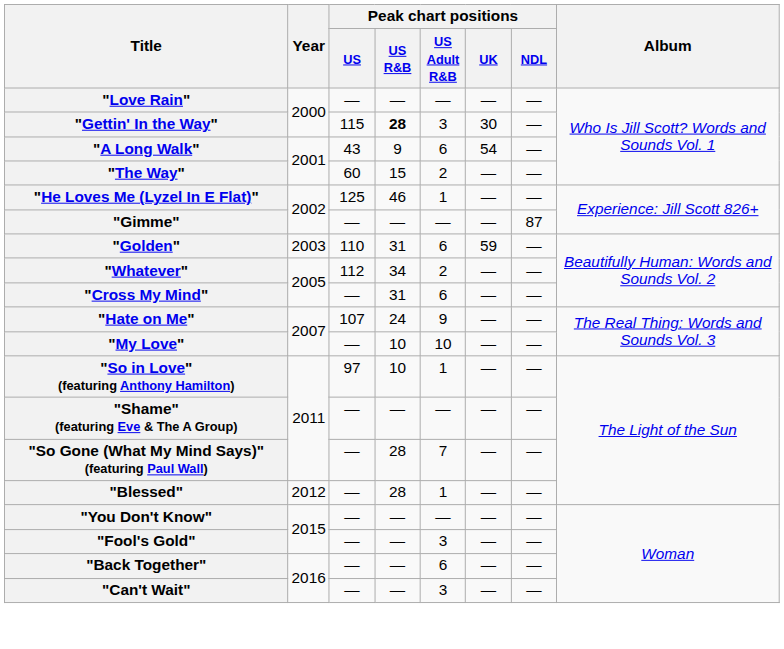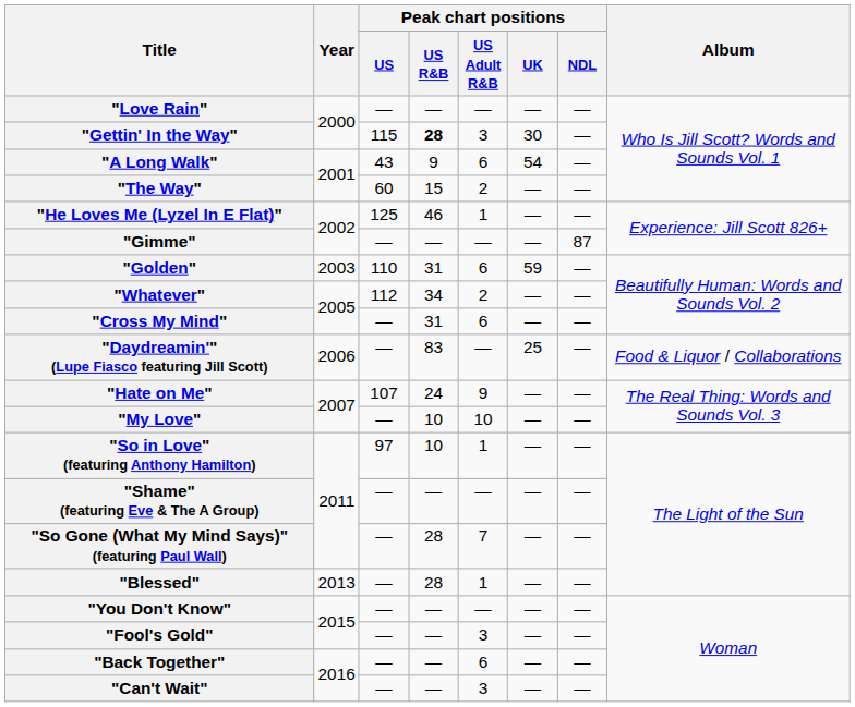 <table class="wikitable plainrowheaders" style="text-align:center;" border="1">
 <tr>
 <th scope="col" rowspan="2" style="width:18em;">Title</th>
 <th scope="col" rowspan="2">Year</th>
 <th scope="col" colspan="5">Peak chart positions</th>
 <th scope="col" rowspan="2" style="width:14em;">Album</th>
 </tr>
 <tr>
 <th width="40"><small><a href='#'>US</a></small><br></th>
 <th width="40"><small><a href='#'>US<br>R&B</a></small><br></th>
 <th width="40"><small><a href='#'>US<br>Adult R&B</a></small><br></th>
 <th width="40"><small><a href='#'>UK</a></small><br></th>
 <th width="40"><small><a href='#'>NDL</a></small></th>
 </tr>
 <tr>
 <th scope="row">"<a href='#'>Love Rain</a>"</th>
 <td rowspan="2" style="text-align:center;">2000</td>
 <td style="text-align:center; vertical-align:top;">—</td>
 <td style="text-align:center; vertical-align:top;">—</td>
 <td style="text-align:center; vertical-align:top;">—</td>
 <td style="text-align:center; vertical-align:top;">—</td>
 <td style="text-align:center; vertical-align:top;">—</td>
 <td style="text-align:center;" rowspan="4"><em><a href='#'>Who Is Jill Scott? Words and Sounds Vol. 1</a></em></td>
 </tr>
 <tr>
 <th scope="row">"<a href='#'>Gettin' In the Way</a>"</th>
 <td style="text-align:center; vertical-align:top;">115</td>
 <td style="text-align:center; vertical-align:top;"><strong>28</strong></td>
 <td style="text-align:center; vertical-align:top;">3</td>
 <td style="text-align:center; vertical-align:top;">30</td>
 <td style="text-align:center; vertical-align:top;">—</td>
 </tr>
 <tr>
 <th scope="row">"<a href='#'>A Long Walk</a>"</th>
 <td rowspan="2" style="text-align:center;">2001</td>
 <td style="text-align:center; vertical-align:top;">43</td>
 <td style="text-align:center; vertical-align:top;">9</td>
 <td style="text-align:center; ">6</td>
 <td style="text-align:center; vertical-align:top;">54</td>
 <td style="text-align:center; vertical-align:top;">—</td>
 </tr>
 <tr>
 <th scope="row">"<a href='#'>The Way</a>"</th>
 <td style="text-align:center; vertical-align:top;">60</td>
 <td style="text-align:center; vertical-align:top;">15</td>
 <td style="text-align:center; vertical-align:top;">2</td>
 <td style="text-align:center; vertical-align:top;">—</td>
 <td style="text-align:center; vertical-align:top;">—</td>
 </tr>
 <tr>
 <th scope="row">"<a href='#'>He Loves Me (Lyzel In E Flat)</a>"</th>
 <td rowspan="2" style="text-align:center;">2002</td>
 <td style="text-align:center; vertical-align:top;">125</td>
 <td style="text-align:center; vertical-align:top;">46</td>
 <td style="text-align:center; vertical-align:top;">1</td>
 <td style="text-align:center; vertical-align:top;">—</td>
 <td style="text-align:center; vertical-align:top;">—</td>
 <td style="text-align:center;" rowspan="2"><em><a href='#'>Experience: Jill Scott 826+</a></em></td>
 </tr>
 <tr style="vertical-align:top;">
 <th scope="row">"Gimme"</th>
 <td style="text-align:center; ">—</td>
 <td style="text-align:center; ">—</td>
 <td style="text-align:center; ">—</td>
 <td style="text-align:center; ">—</td>
 <td style="text-align:center; ">87</td>
 </tr>
 <tr>
 <th scope="row">"<a href='#'>Golden</a>"</th>
 <td style="text-align:center; vertical-align:top;">2003</td>
 <td style="text-align:center; vertical-align:top;">110</td>
 <td style="text-align:center; vertical-align:top;">31</td>
 <td style="text-align:center; vertical-align:top;">6</td>
 <td style="text-align:center; vertical-align:top;">59</td>
 <td style="text-align:center; vertical-align:top;">—</td>
 <td style="text-align:center;" rowspan="3"><em><a href='#'>Beautifully Human: Words and Sounds Vol. 2</a></em></td>
 </tr>
 <tr>
 <th scope="row">"<a href='#'>Whatever</a>"</th>
 <td rowspan="2" style="text-align:center;">2005</td>
 <td style="text-align:center; vertical-align:top;">112</td>
 <td style="text-align:center; vertical-align:top;">34</td>
 <td style="text-align:center; vertical-align:top;">2</td>
 <td style="text-align:center; vertical-align:top;">—</td>
 <td style="text-align:center; vertical-align:top;">—</td>
 </tr>
 <tr style="vertical-align:top;">
 <th scope="row">"<a href='#'>Cross My Mind</a>"</th>
 <td style="text-align:center; ">—</td>
 <td style="text-align:center; vertical-align:top;">31</td>
 <td style="text-align:center; ">6</td>
 <td style="text-align:center; ">—</td>
 <td style="text-align:center; ">—</td>
 </tr>
 <tr>
+<th scope="row">"<a href='#'>Daydreamin'</a>" <br><small>(<a href='#'>Lupe Fiasco</a> featuring Jill Scott)</small></th>
+<td style="text-align:center;">2006</td>
+<td style="text-align:center; vertical-align:top;">—</td>
+<td style="text-align:center; vertical-align:top;">83</td>
+<td style="text-align:center; vertical-align:top;">—</td>
+<td style="text-align:center; vertical-align:top;">25</td>
+<td style="text-align:center; vertical-align:top;">—</td>
+<td style="text-align:center;"><em><a href='#'>Food & Liquor</a></em> / <em><a href='#'>Collaborations</a></em></td>
+</tr>
+<tr>
 <th scope="row">"<a href='#'>Hate on Me</a>"</th>
 <td rowspan="2" style="text-align:center;">2007</td>
 <td style="text-align:center; vertical-align:top;">107</td>
 <td style="text-align:center; vertical-align:top;">24</td>
 <td style="text-align:center; vertical-align:top;">9</td>
 <td style="text-align:center; vertical-align:top;">—</td>
 <td style="text-align:center; vertical-align:top;">—</td>
 <td style="text-align:center;" rowspan="2"><em><a href='#'>The Real Thing: Words and Sounds Vol. 3</a></em></td>
 </tr>
 <tr>
 <th scope="row">"<a href='#'>My Love</a>"</th>
 <td style="text-align:center; vertical-align:top;">—</td>
 <td style="text-align:center; vertical-align:top;">10</td>
 <td style="text-align:center; vertical-align:top;">10</td>
 <td style="text-align:center; vertical-align:top;">—</td>
 <td style="text-align:center; vertical-align:top;">—</td>
 </tr>
 <tr>
 <th scope="row">"<a href='#'>So in Love</a>" <br> <small>(featuring <a href='#'>Anthony Hamilton</a>)</small></th>
 <td rowspan="3" style="text-align:center;">2011</td>
 <td style="text-align:center; vertical-align:top;">97</td>
 <td style="text-align:center; vertical-align:top;">10</td>
 <td style="text-align:center; vertical-align:top;">1</td>
 <td style="text-align:center; vertical-align:top;">—</td>
 <td style="text-align:center; vertical-align:top;">—</td>
 <td style="text-align:center;" rowspan="4"><em><a href='#'>The Light of the Sun</a></em></td>
 </tr>
 <tr>
 <th scope="row">"Shame" <br><small>(featuring <a href='#'>Eve</a> & The A Group)</small></th>
 <td style="text-align:center; vertical-align:top;">—</td>
 <td style="text-align:center; vertical-align:top;">—</td>
 <td style="text-align:center; vertical-align:top;">—</td>
 <td style="text-align:center; vertical-align:top;">—</td>
 <td style="text-align:center; vertical-align:top;">—</td>
 </tr>
 <tr>
 <th scope="row">"So Gone (What My Mind Says)" <br><small>(featuring <a href='#'>Paul Wall</a>)</small></th>
 <td style="text-align:center; vertical-align:top;">—</td>
 <td style="text-align:center; vertical-align:top;">28</td>
 <td style="text-align:center; vertical-align:top;">7</td>
 <td style="text-align:center; vertical-align:top;">—</td>
 <td style="text-align:center; vertical-align:top;">—</td>
 </tr>
 <tr>
 <th scope="row">"Blessed"</th>
-<td style="text-align:center;">2012</td>
+<td style="text-align:center;">2013</td>
 <td style="text-align:center; vertical-align:top;">—</td>
 <td style="text-align:center; vertical-align:top;">28</td>
 <td style="text-align:center; vertical-align:top;">1</td>
 <td style="text-align:center; vertical-align:top;">—</td>
 <td style="text-align:center; vertical-align:top;">—</td>
 </tr>
 <tr>
 <th scope="row">"You Don't Know"</th>
 <td rowspan="2" style="text-align:center;">2015</td>
 <td style="text-align:center; vertical-align:top;">—</td>
 <td style="text-align:center; vertical-align:top;">—</td>
 <td style="text-align:center; vertical-align:top;">—</td>
 <td style="text-align:center; vertical-align:top;">—</td>
 <td style="text-align:center; vertical-align:top;">—</td>
 <td style="text-align:center;" rowspan="4"><em><a href='#'>Woman</a></em></td>
 </tr>
 <tr>
 <th scope="row">"Fool's Gold"</th>
 <td style="text-align:center; vertical-align:top;">—</td>
 <td style="text-align:center; vertical-align:top;">—</td>
 <td style="text-align:center; vertical-align:top;">3</td>
 <td style="text-align:center; vertical-align:top;">—</td>
 <td style="text-align:center; vertical-align:top;">—</td>
 </tr>
 <tr>
 <th scope="row">"Back Together"</th>
 <td rowspan="2" style="text-align:center;">2016</td>
 <td style="text-align:center; vertical-align:top;">—</td>
 <td style="text-align:center; vertical-align:top;">—</td>
 <td style="text-align:center; vertical-align:top;">6</td>
 <td style="text-align:center; vertical-align:top;">—</td>
 <td style="text-align:center; vertical-align:top;">—</td>
 </tr>
 <tr>
 <th scope="row">"Can't Wait"</th>
 <td style="text-align:center; vertical-align:top;">—</td>
 <td style="text-align:center; vertical-align:top;">—</td>
 <td style="text-align:center; vertical-align:top;">3</td>
 <td style="text-align:center; vertical-align:top;">—</td>
 <td style="text-align:center; vertical-align:top;">—</td>
 </tr>
 </table>
